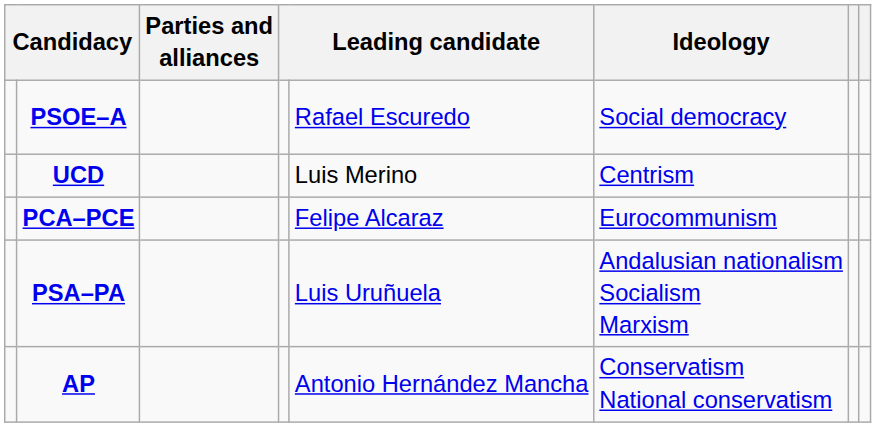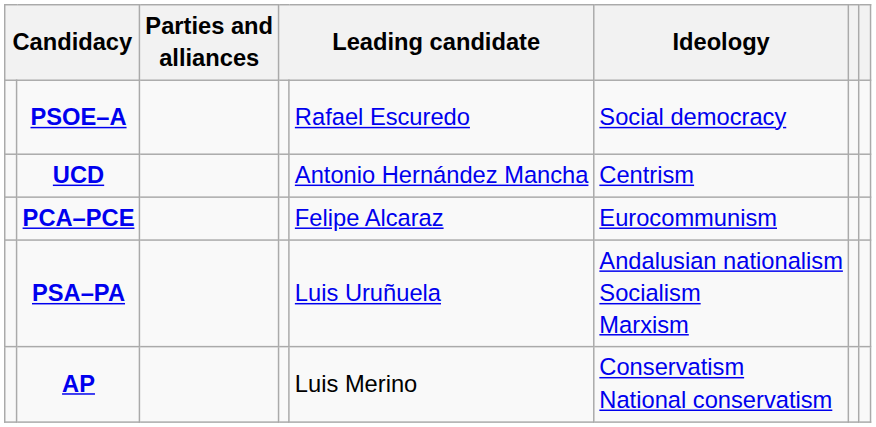 <table class="wikitable" style="line-height:1.35em; text-align:left;">
 <tr>
 <th colspan="2">Candidacy</th>
 <th>Parties and<br>alliances</th>
 <th colspan="2">Leading candidate</th>
 <th>Ideology</th>
 <th></th>
 <th></th>
 </tr>
 <tr>
 <td width="1" style="color:inherit;background:"></td>
 <td align="center"><strong><a href='#'>PSOE–A</a></strong></td>
 <td></td>
 <td></td>
 <td><a href='#'>Rafael Escuredo</a></td>
 <td><a href='#'>Social democracy</a></td>
 <td></td>
 <td><br><br></td>
 </tr>
 <tr>
 <td style="color:inherit;background:"></td>
 <td align="center"><strong><a href='#'>UCD</a></strong></td>
 <td></td>
 <td></td>
-<td>Luis Merino</td>
+<td><a href='#'>Antonio Hernández Mancha</a></td>
 <td><a href='#'>Centrism</a></td>
 <td></td>
 <td></td>
 </tr>
 <tr>
 <td style="color:inherit;background:"></td>
 <td align="center"><strong><a href='#'>PCA–PCE</a></strong></td>
 <td></td>
 <td></td>
 <td><a href='#'>Felipe Alcaraz</a></td>
 <td><a href='#'>Eurocommunism</a></td>
 <td></td>
 <td></td>
 </tr>
 <tr>
 <td style="color:inherit;background:"></td>
 <td align="center"><strong><a href='#'>PSA–PA</a></strong></td>
 <td></td>
 <td></td>
 <td><a href='#'>Luis Uruñuela</a></td>
 <td><a href='#'>Andalusian nationalism</a><br><a href='#'>Socialism</a><br><a href='#'>Marxism</a></td>
 <td></td>
 <td></td>
 </tr>
 <tr>
 <td style="color:inherit;background:"></td>
 <td align="center"><strong><a href='#'>AP</a></strong></td>
 <td></td>
 <td></td>
-<td><a href='#'>Antonio Hernández Mancha</a></td>
+<td>Luis Merino</td>
 <td><a href='#'>Conservatism</a><br><a href='#'>National conservatism</a></td>
 <td></td>
 <td><br></td>
 </tr>
 </table>
